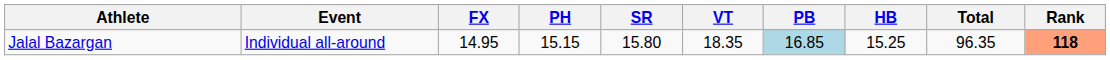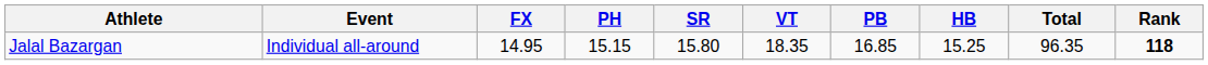 <table class="wikitable" width="80%" style="text-align:center; font-size:90%">
 <tr>
 <th width="12%">Athlete</th>
 <th width="10%">Event</th>
 <th width="4%"><a href='#'>FX</a></th>
 <th width="4%"><a href='#'>PH</a></th>
 <th width="4%"><a href='#'>SR</a></th>
 <th width="4%"><a href='#'>VT</a></th>
 <th width="4%"><a href='#'>PB</a></th>
 <th width="4%"><a href='#'>HB</a></th>
 <th width="5%">Total</th>
 <th width="4%">Rank</th>
 </tr>
 <tr>
 <td align="left"><a href='#'>Jalal Bazargan</a></td>
 <td align="left"><a href='#'>Individual all-around</a></td>
 <td>14.95</td>
 <td>15.15</td>
 <td>15.80</td>
 <td>18.35</td>
-<td style="background: lightblue;">16.85</td>
+<td>16.85</td>
 <td>15.25</td>
 <td>96.35</td>
-<td style="background: lightsalmon;"><strong>118</strong></td>
+<td><strong>118</strong></td>
 </tr>
 </table>
